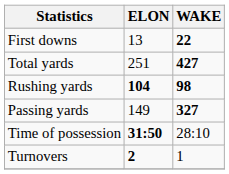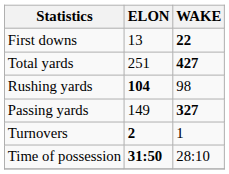 <table class="wikitable" style="float: left;">
 <tr>
 <th>Statistics</th>
 <th>ELON</th>
 <th>WAKE</th>
 </tr>
 <tr>
 <td>First downs</td>
 <td>13</td>
 <td><strong>22</strong></td>
 </tr>
 <tr>
 <td>Total yards</td>
 <td>251</td>
 <td><strong>427</strong></td>
 </tr>
 <tr>
 <td>Rushing yards</td>
 <td><strong>104</strong></td>
-<td><strong>98</strong></td>
+<td>98</td>
 </tr>
 <tr>
 <td>Passing yards</td>
 <td>149</td>
 <td><strong>327</strong></td>
 </tr>
 <tr>
+<td>Turnovers</td>
+<td><strong>2</strong></td>
+<td>1</td>
+</tr>
+<tr>
 <td>Time of possession</td>
 <td><strong>31:50</strong></td>
 <td>28:10</td>
 </tr>
 <tr>
-<td>Turnovers</td>
-<td><strong>2</strong></td>
-<td>1</td>
-</tr>
-<tr>
 </tr>
 </table>
